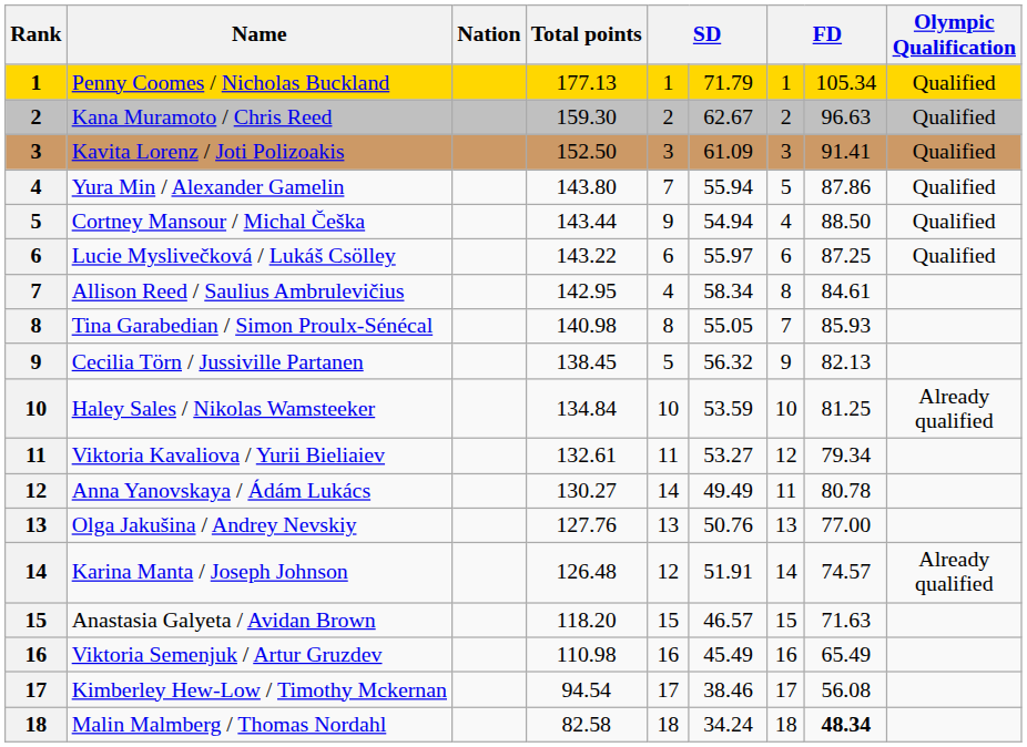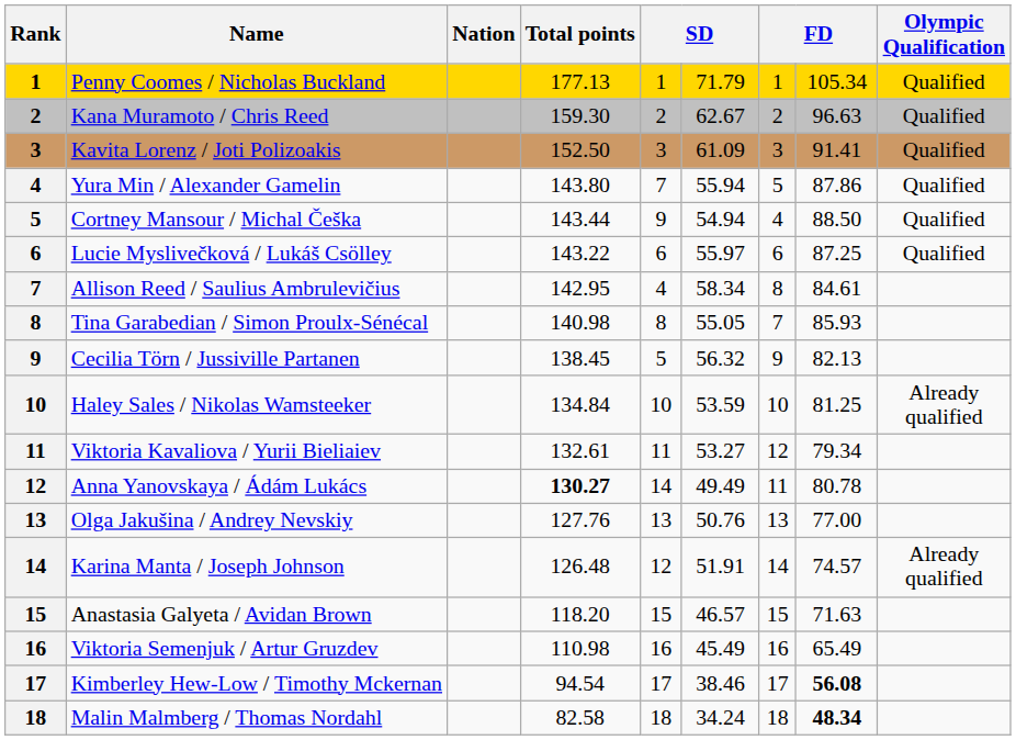 <table class="wikitable sortable">
 <tr>
 <th>Rank</th>
 <th>Name</th>
 <th>Nation</th>
 <th>Total points</th>
 <th colspan="2" width="80px"><a href='#'>SD</a></th>
 <th colspan="2" width="80px"><a href='#'>FD</a></th>
 <th width="80px"><a href='#'>Olympic Qualification</a></th>
 </tr>
 <tr bgcolor="gold">
 <td align="center"><strong>1</strong></td>
 <td><a href='#'>Penny Coomes</a> / <a href='#'>Nicholas Buckland</a></td>
 <td></td>
 <td align="center">177.13</td>
 <td align="center">1</td>
 <td align="center">71.79</td>
 <td align="center">1</td>
 <td align="center">105.34</td>
 <td align="center">Qualified</td>
 </tr>
 <tr bgcolor="silver">
 <td align="center"><strong>2</strong></td>
 <td><a href='#'>Kana Muramoto</a> / <a href='#'>Chris Reed</a></td>
 <td></td>
 <td align="center">159.30</td>
 <td align="center">2</td>
 <td align="center">62.67</td>
 <td align="center">2</td>
 <td align="center">96.63</td>
 <td align="center">Qualified</td>
 </tr>
 <tr bgcolor="cc9966">
 <td align="center"><strong>3</strong></td>
 <td><a href='#'>Kavita Lorenz</a> / <a href='#'>Joti Polizoakis</a></td>
 <td></td>
 <td align="center">152.50</td>
 <td align="center">3</td>
 <td align="center">61.09</td>
 <td align="center">3</td>
 <td align="center">91.41</td>
 <td align="center">Qualified</td>
 </tr>
 <tr>
 <th>4</th>
 <td><a href='#'>Yura Min</a> / <a href='#'>Alexander Gamelin</a></td>
 <td></td>
 <td align="center">143.80</td>
 <td align="center">7</td>
 <td align="center">55.94</td>
 <td align="center">5</td>
 <td align="center">87.86</td>
 <td align="center">Qualified</td>
 </tr>
 <tr>
 <th>5</th>
 <td><a href='#'>Cortney Mansour</a> / <a href='#'>Michal Češka</a></td>
 <td></td>
 <td align="center">143.44</td>
 <td align="center">9</td>
 <td align="center">54.94</td>
 <td align="center">4</td>
 <td align="center">88.50</td>
 <td align="center">Qualified</td>
 </tr>
 <tr>
 <th>6</th>
 <td><a href='#'>Lucie Myslivečková</a> / <a href='#'>Lukáš Csölley</a></td>
 <td></td>
 <td align="center">143.22</td>
 <td align="center">6</td>
 <td align="center">55.97</td>
 <td align="center">6</td>
 <td align="center">87.25</td>
 <td align="center">Qualified</td>
 </tr>
 <tr>
 <th>7</th>
 <td><a href='#'>Allison Reed</a> / <a href='#'>Saulius Ambrulevičius</a></td>
 <td></td>
 <td align="center">142.95</td>
 <td align="center">4</td>
 <td align="center">58.34</td>
 <td align="center">8</td>
 <td align="center">84.61</td>
 <td></td>
 </tr>
 <tr>
 <th>8</th>
 <td><a href='#'>Tina Garabedian</a> / <a href='#'>Simon Proulx-Sénécal</a></td>
 <td></td>
 <td align="center">140.98</td>
 <td align="center">8</td>
 <td align="center">55.05</td>
 <td align="center">7</td>
 <td align="center">85.93</td>
 <td></td>
 </tr>
 <tr>
 <th>9</th>
 <td><a href='#'>Cecilia Törn</a> / <a href='#'>Jussiville Partanen</a></td>
 <td></td>
 <td align="center">138.45</td>
 <td align="center">5</td>
 <td align="center">56.32</td>
 <td align="center">9</td>
 <td align="center">82.13</td>
 <td></td>
 </tr>
 <tr>
 <th>10</th>
 <td><a href='#'>Haley Sales</a> / <a href='#'>Nikolas Wamsteeker</a></td>
 <td></td>
 <td align="center">134.84</td>
 <td align="center">10</td>
 <td align="center">53.59</td>
 <td align="center">10</td>
 <td align="center">81.25</td>
 <td align="center">Already qualified</td>
 </tr>
 <tr>
 <th>11</th>
 <td><a href='#'>Viktoria Kavaliova</a> / <a href='#'>Yurii Bieliaiev</a></td>
 <td></td>
 <td align="center">132.61</td>
 <td align="center">11</td>
 <td align="center">53.27</td>
 <td align="center">12</td>
 <td align="center">79.34</td>
 <td></td>
 </tr>
 <tr>
 <th>12</th>
 <td><a href='#'>Anna Yanovskaya</a> / <a href='#'>Ádám Lukács</a></td>
 <td></td>
-<td align="center">130.27</td>
+<td align="center"><strong>130.27</strong></td>
 <td align="center">14</td>
 <td align="center">49.49</td>
 <td align="center">11</td>
 <td align="center">80.78</td>
 <td></td>
 </tr>
 <tr>
 <th>13</th>
 <td><a href='#'>Olga Jakušina</a> / <a href='#'>Andrey Nevskiy</a></td>
 <td></td>
 <td align="center">127.76</td>
 <td align="center">13</td>
 <td align="center">50.76</td>
 <td align="center">13</td>
 <td align="center">77.00</td>
 <td></td>
 </tr>
 <tr>
 <th>14</th>
 <td><a href='#'>Karina Manta</a> / <a href='#'>Joseph Johnson</a></td>
 <td></td>
 <td align="center">126.48</td>
 <td align="center">12</td>
 <td align="center">51.91</td>
 <td align="center">14</td>
 <td align="center">74.57</td>
 <td align="center">Already qualified</td>
 </tr>
 <tr>
 <th>15</th>
 <td>Anastasia Galyeta / <a href='#'>Avidan Brown</a></td>
 <td></td>
 <td align="center">118.20</td>
 <td align="center">15</td>
 <td align="center">46.57</td>
 <td align="center">15</td>
 <td align="center">71.63</td>
 <td></td>
 </tr>
 <tr>
 <th>16</th>
 <td><a href='#'>Viktoria Semenjuk</a> / <a href='#'>Artur Gruzdev</a></td>
 <td></td>
 <td align="center">110.98</td>
 <td align="center">16</td>
 <td align="center">45.49</td>
 <td align="center">16</td>
 <td align="center">65.49</td>
 <td></td>
 </tr>
 <tr>
 <th>17</th>
 <td><a href='#'>Kimberley Hew-Low</a> / <a href='#'>Timothy Mckernan</a></td>
 <td></td>
 <td align="center">94.54</td>
 <td align="center">17</td>
 <td align="center">38.46</td>
 <td align="center">17</td>
-<td align="center">56.08</td>
+<td align="center"><strong>56.08</strong></td>
 <td></td>
 </tr>
 <tr>
 <th>18</th>
 <td><a href='#'>Malin Malmberg</a> / <a href='#'>Thomas Nordahl</a></td>
 <td></td>
 <td align="center">82.58</td>
 <td align="center">18</td>
 <td align="center">34.24</td>
 <td align="center">18</td>
 <td align="center"><strong>48.34</strong></td>
 <td></td>
 </tr>
 </table>
